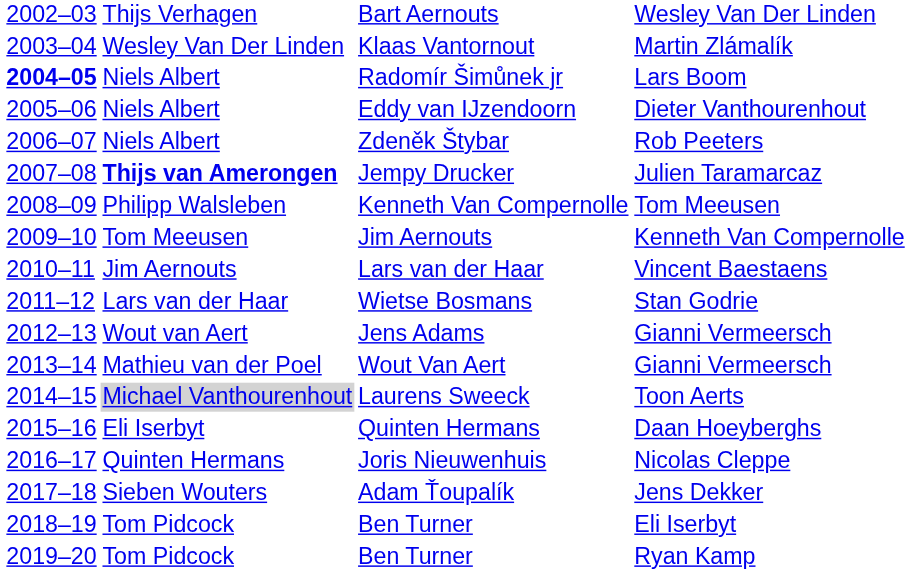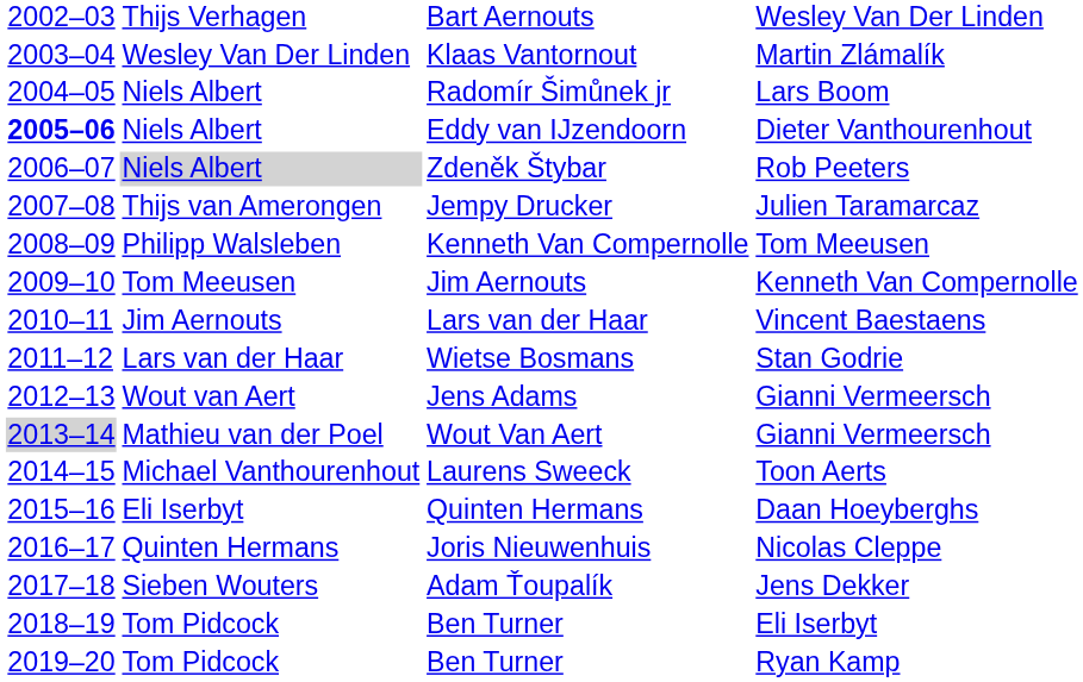 <table>
 <tr>
 <td><a href='#'>2002–03</a></td>
 <td> <a href='#'>Thijs Verhagen</a></td>
 <td> <a href='#'>Bart Aernouts</a></td>
 <td> <a href='#'>Wesley Van Der Linden</a></td>
 </tr>
 <tr>
 <td><a href='#'>2003–04</a></td>
 <td> <a href='#'>Wesley Van Der Linden</a></td>
 <td> <a href='#'>Klaas Vantornout</a></td>
 <td> <a href='#'>Martin Zlámalík</a></td>
 </tr>
 <tr>
-<td><strong><a href='#'>2004–05</a></strong></td>
+<td><a href='#'>2004–05</a></td>
 <td> <a href='#'>Niels Albert</a></td>
 <td> <a href='#'>Radomír Šimůnek jr</a></td>
 <td> <a href='#'>Lars Boom</a></td>
 </tr>
 <tr>
-<td><a href='#'>2005–06</a></td>
+<td><strong><a href='#'>2005–06</a></strong></td>
 <td> <a href='#'>Niels Albert</a></td>
 <td> <a href='#'>Eddy van IJzendoorn</a></td>
 <td> <a href='#'>Dieter Vanthourenhout</a></td>
 </tr>
 <tr>
 <td><a href='#'>2006–07</a></td>
-<td> <a href='#'>Niels Albert</a></td>
+<td style="background: lightgrey;"> <a href='#'>Niels Albert</a></td>
 <td> <a href='#'>Zdeněk Štybar</a></td>
 <td> <a href='#'>Rob Peeters</a></td>
 </tr>
 <tr>
 <td><a href='#'>2007–08</a></td>
-<td><strong> <a href='#'>Thijs van Amerongen</a></strong></td>
+<td> <a href='#'>Thijs van Amerongen</a></td>
 <td> <a href='#'>Jempy Drucker</a></td>
 <td> <a href='#'>Julien Taramarcaz</a></td>
 </tr>
 <tr>
 <td><a href='#'>2008–09</a></td>
 <td> <a href='#'>Philipp Walsleben</a></td>
 <td> <a href='#'>Kenneth Van Compernolle</a></td>
 <td> <a href='#'>Tom Meeusen</a></td>
 </tr>
 <tr>
 <td><a href='#'>2009–10</a></td>
 <td> <a href='#'>Tom Meeusen</a></td>
 <td> <a href='#'>Jim Aernouts</a></td>
 <td> <a href='#'>Kenneth Van Compernolle</a></td>
 </tr>
 <tr>
 <td><a href='#'>2010–11</a></td>
 <td> <a href='#'>Jim Aernouts</a></td>
 <td> <a href='#'>Lars van der Haar</a></td>
 <td> <a href='#'>Vincent Baestaens</a></td>
 </tr>
 <tr>
 <td><a href='#'>2011–12</a></td>
 <td> <a href='#'>Lars van der Haar</a></td>
 <td> <a href='#'>Wietse Bosmans</a></td>
 <td> <a href='#'>Stan Godrie</a></td>
 </tr>
 <tr>
 <td><a href='#'>2012–13</a></td>
 <td> <a href='#'>Wout van Aert</a></td>
 <td> <a href='#'>Jens Adams</a></td>
 <td> <a href='#'>Gianni Vermeersch</a></td>
 </tr>
 <tr>
-<td><a href='#'>2013–14</a></td>
+<td style="background: lightgrey;"><a href='#'>2013–14</a></td>
 <td> <a href='#'>Mathieu van der Poel</a></td>
 <td> <a href='#'>Wout Van Aert</a></td>
 <td> <a href='#'>Gianni Vermeersch</a></td>
 </tr>
 <tr>
 <td><a href='#'>2014–15</a></td>
-<td style="background: lightgrey;"> <a href='#'>Michael Vanthourenhout</a></td>
+<td> <a href='#'>Michael Vanthourenhout</a></td>
 <td> <a href='#'>Laurens Sweeck</a></td>
 <td> <a href='#'>Toon Aerts</a></td>
 </tr>
 <tr>
 <td><a href='#'>2015–16</a></td>
 <td> <a href='#'>Eli Iserbyt</a></td>
 <td> <a href='#'>Quinten Hermans</a></td>
 <td> <a href='#'>Daan Hoeyberghs</a></td>
 </tr>
 <tr>
 <td><a href='#'>2016–17</a></td>
 <td> <a href='#'>Quinten Hermans</a></td>
 <td> <a href='#'>Joris Nieuwenhuis</a></td>
 <td> <a href='#'>Nicolas Cleppe</a></td>
 </tr>
 <tr>
 <td><a href='#'>2017–18</a></td>
 <td> <a href='#'>Sieben Wouters</a></td>
 <td> <a href='#'>Adam Ťoupalík</a></td>
 <td> <a href='#'>Jens Dekker</a></td>
 </tr>
 <tr>
 <td><a href='#'>2018–19</a></td>
 <td> <a href='#'>Tom Pidcock</a></td>
 <td> <a href='#'>Ben Turner</a></td>
 <td> <a href='#'>Eli Iserbyt</a></td>
 </tr>
 <tr>
 <td><a href='#'>2019–20</a></td>
 <td> <a href='#'>Tom Pidcock</a></td>
 <td> <a href='#'>Ben Turner</a></td>
 <td> <a href='#'>Ryan Kamp</a></td>
 </tr>
 </table>
